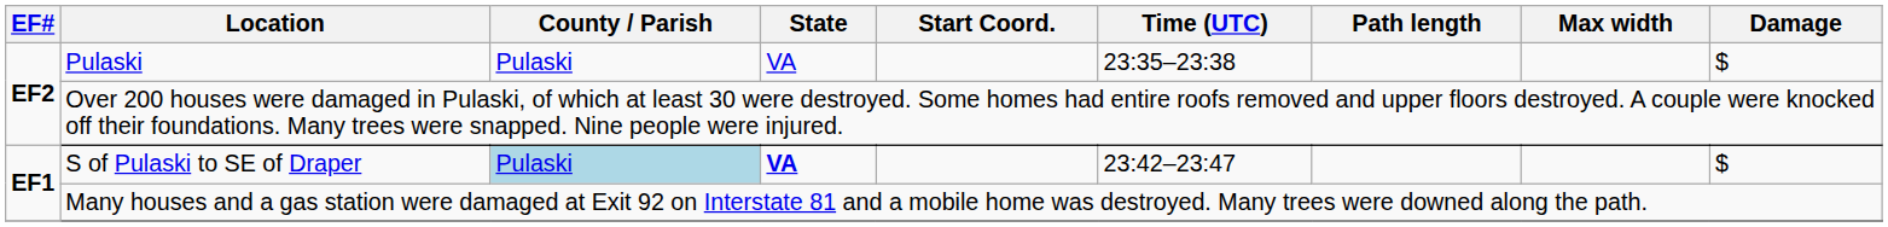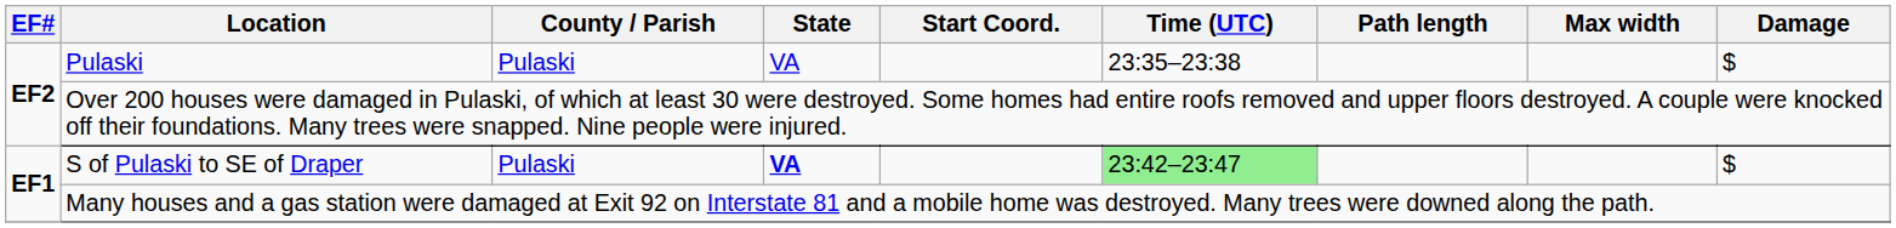 <table class="wikitable sortable" style="width:100%;">
 <tr>
 <th scope="col" width="2%" align="center"><a href='#'>EF#</a></th>
 <th scope="col" align="center" class="unsortable">Location</th>
 <th scope="col" align="center" class="unsortable">County / Parish</th>
 <th scope="col" align="center">State</th>
 <th scope="col" align="center" data-sort-type="number">Start Coord.</th>
 <th scope="col" align="center" data-sort-type="number">Time (<a href='#'>UTC</a>)</th>
 <th scope="col" align="center" data-sort-type="number">Path length</th>
 <th scope="col" align="center" data-sort-type="number">Max width</th>
 <th scope="col" align="center" data-sort-type="number">Damage<br></th>
 </tr>
 <tr>
 <td rowspan="2" align="center"><strong>EF2</strong></td>
 <td><a href='#'>Pulaski</a></td>
 <td><a href='#'>Pulaski</a></td>
 <td><a href='#'>VA</a></td>
 <td></td>
 <td>23:35–23:38</td>
 <td></td>
 <td></td>
 <td>$</td>
 </tr>
 <tr class="expand-child">
 <td colspan="8" style=" border-bottom: 1px solid black;">Over 200 houses were damaged in Pulaski, of which at least 30 were destroyed. Some homes had entire roofs removed and upper floors destroyed. A couple were knocked off their foundations. Many trees were snapped. Nine people were injured.</td>
 </tr>
 <tr>
 <td rowspan="2" align="center"><strong>EF1</strong></td>
 <td>S of <a href='#'>Pulaski</a> to SE of <a href='#'>Draper</a></td>
-<td style="background: lightblue;"><a href='#'>Pulaski</a></td>
+<td><a href='#'>Pulaski</a></td>
 <td><strong><a href='#'>VA</a></strong></td>
 <td></td>
-<td>23:42–23:47</td>
+<td style="background: lightgreen;">23:42–23:47</td>
 <td></td>
 <td></td>
 <td>$</td>
 </tr>
 <tr class="expand-child">
 <td colspan="8" style=" border-bottom: 1px solid black;">Many houses and a gas station were damaged at Exit 92 on <a href='#'>Interstate 81</a> and a mobile home was destroyed. Many trees were downed along the path.</td>
 </tr>
 <tr>
 </tr>
 </table>
